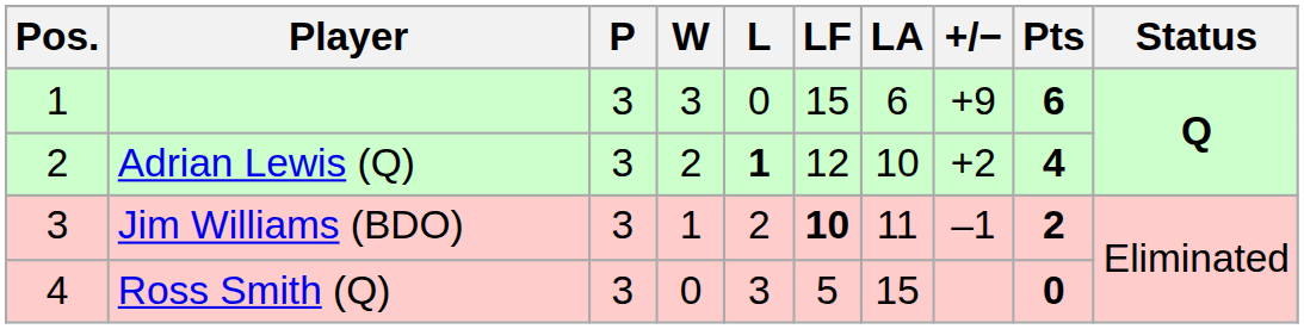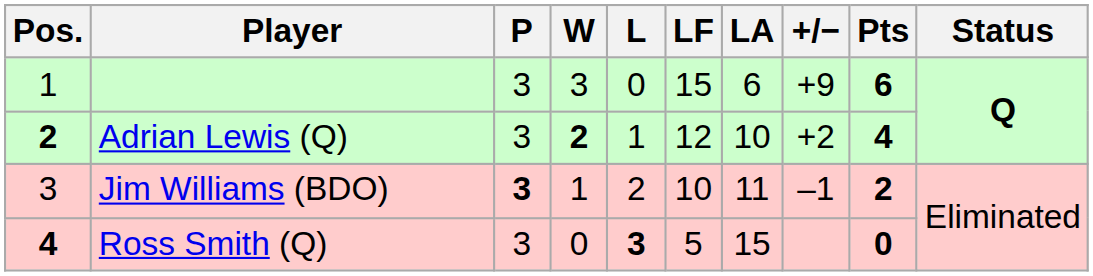 <table class="wikitable" style="text-align:center; margin: 1em auto 1em auto, align:left">
 <tr>
 <th width=20>Pos.</th>
 <th width=185>Player</th>
 <th width=20>P</th>
 <th width=20>W</th>
 <th width=20>L</th>
 <th width=20>LF</th>
 <th width=20>LA</th>
 <th width=25>+/−</th>
 <th width=20>Pts</th>
 <th width=70>Status</th>
 </tr>
 <tr style="background:#CCFFCC;">
 <td>1</td>
 <td align=left></td>
 <td>3</td>
 <td>3</td>
 <td>0</td>
 <td>15</td>
 <td>6</td>
 <td>+9</td>
 <td><strong>6</strong></td>
 <td rowspan=2><strong>Q</strong></td>
 </tr>
 <tr style="background:#CCFFCC;">
-<td>2</td>
+<td><strong>2</strong></td>
 <td align=left> <a href='#'>Adrian Lewis</a> (Q)</td>
 <td>3</td>
-<td>2</td>
-<td><strong>1</strong></td>
+<td><strong>2</strong></td>
+<td>1</td>
 <td>12</td>
 <td>10</td>
 <td>+2</td>
 <td><strong>4</strong></td>
 </tr>
 <tr style="background:#FFCCCC;">
 <td>3</td>
 <td align=left> <a href='#'>Jim Williams</a> (BDO)</td>
-<td>3</td>
+<td><strong>3</strong></td>
 <td>1</td>
 <td>2</td>
-<td><strong>10</strong></td>
+<td>10</td>
 <td>11</td>
 <td>–1</td>
 <td><strong>2</strong></td>
 <td rowspan=2>Eliminated</td>
 </tr>
 <tr style="background:#FFCCCC;">
-<td>4</td>
+<td><strong>4</strong></td>
 <td align=left> <a href='#'>Ross Smith</a> (Q)</td>
 <td>3</td>
 <td>0</td>
-<td>3</td>
+<td><strong>3</strong></td>
 <td>5</td>
 <td>15</td>
 <td></td>
 <td><strong>0</strong></td>
 </tr>
 </table>
